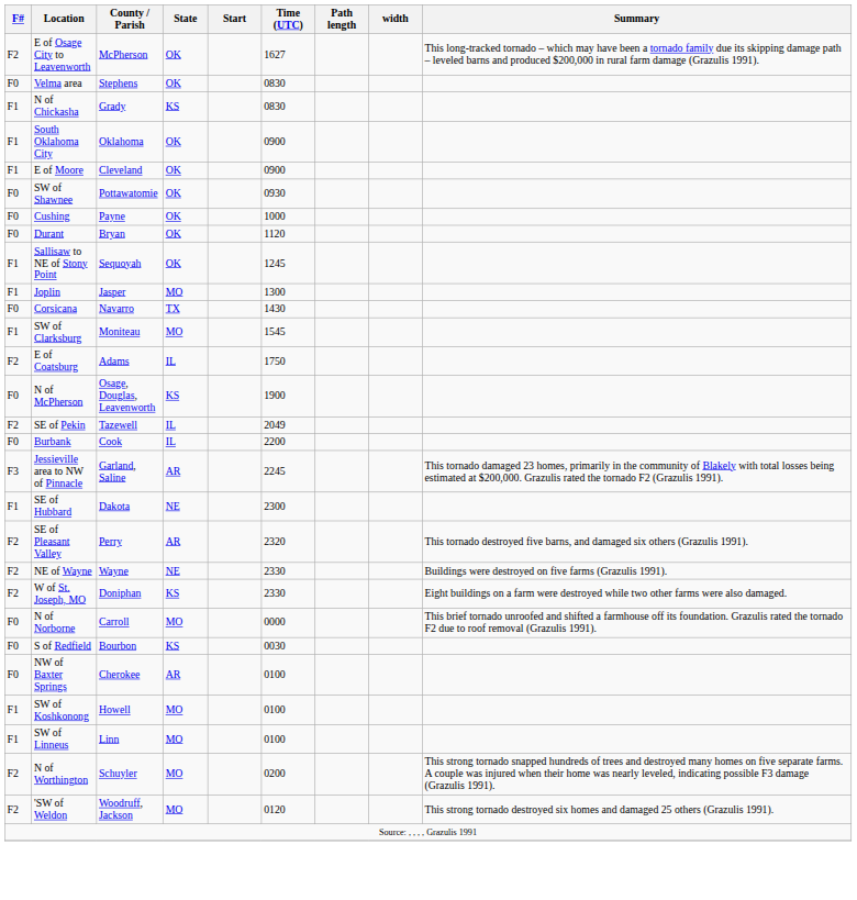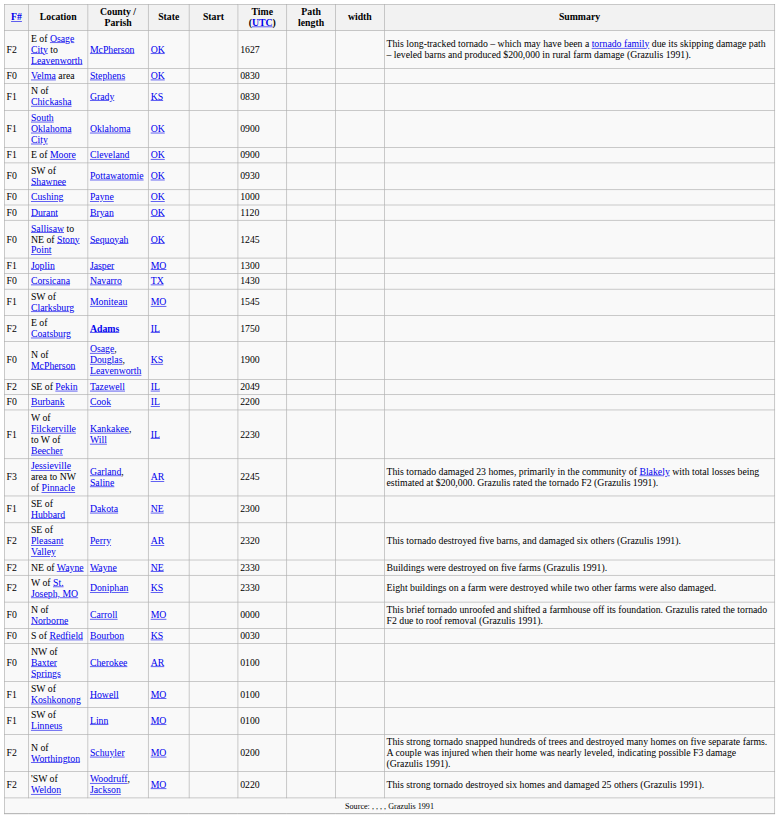 <table class="wikitable sortable" style="width:100%;">
 <tr>
 <th scope="col"  style="width:3%; text-align:center;"><a href='#'>F#</a></th>
 <th scope="col"  style="width:7%; text-align:center;" class="unsortable">Location</th>
 <th scope="col"  style="width:6%; text-align:center;" class="unsortable">County / Parish</th>
 <th scope="col"  style="width:5%; text-align:center;">State</th>
 <th scope="col"  style="width:6%; text-align:center;">Start<br></th>
 <th scope="col"  style="width:6%; text-align:center;">Time (<a href='#'>UTC</a>)</th>
 <th scope="col"  style="width:6%; text-align:center;">Path length</th>
 <th scope="col"  style="width:6%; text-align:center;"> width</th>
 <th scope="col" class="unsortable" style="width:48%; text-align:center;">Summary</th>
 </tr>
 <tr>
 <td>F2</td>
 <td>E of <a href='#'>Osage City</a> to <a href='#'>Leavenworth</a></td>
 <td><a href='#'>McPherson</a></td>
 <td><a href='#'>OK</a></td>
 <td></td>
 <td>1627</td>
 <td></td>
 <td></td>
 <td>This long-tracked tornado – which may have been a <a href='#'>tornado family</a> due its skipping damage path – leveled barns and produced $200,000 in rural farm damage (Grazulis 1991).</td>
 </tr>
 <tr>
 <td>F0</td>
 <td><a href='#'>Velma</a> area</td>
 <td><a href='#'>Stephens</a></td>
 <td><a href='#'>OK</a></td>
 <td></td>
 <td>0830</td>
 <td></td>
 <td></td>
 <td></td>
 </tr>
 <tr>
 <td>F1</td>
 <td>N of <a href='#'>Chickasha</a></td>
 <td><a href='#'>Grady</a></td>
 <td><a href='#'>KS</a></td>
 <td></td>
 <td>0830</td>
 <td></td>
 <td></td>
 <td></td>
 </tr>
 <tr>
 <td>F1</td>
 <td><a href='#'>South Oklahoma City</a></td>
 <td><a href='#'>Oklahoma</a></td>
 <td><a href='#'>OK</a></td>
 <td></td>
 <td>0900</td>
 <td></td>
 <td></td>
 <td></td>
 </tr>
 <tr>
 <td>F1</td>
 <td>E of <a href='#'>Moore</a></td>
 <td><a href='#'>Cleveland</a></td>
 <td><a href='#'>OK</a></td>
 <td></td>
 <td>0900</td>
 <td></td>
 <td></td>
 <td></td>
 </tr>
 <tr>
 <td>F0</td>
 <td>SW of <a href='#'>Shawnee</a></td>
 <td><a href='#'>Pottawatomie</a></td>
 <td><a href='#'>OK</a></td>
 <td></td>
 <td>0930</td>
 <td></td>
 <td></td>
 <td></td>
 </tr>
 <tr>
 <td>F0</td>
 <td><a href='#'>Cushing</a></td>
 <td><a href='#'>Payne</a></td>
 <td><a href='#'>OK</a></td>
 <td></td>
 <td>1000</td>
 <td></td>
 <td></td>
 <td></td>
 </tr>
 <tr>
 <td>F0</td>
 <td><a href='#'>Durant</a></td>
 <td><a href='#'>Bryan</a></td>
 <td><a href='#'>OK</a></td>
 <td></td>
 <td>1120</td>
 <td></td>
 <td></td>
 <td></td>
 </tr>
 <tr>
-<td>F1</td>
+<td>F0</td>
 <td><a href='#'>Sallisaw</a> to NE of <a href='#'>Stony Point</a></td>
 <td><a href='#'>Sequoyah</a></td>
 <td><a href='#'>OK</a></td>
 <td></td>
 <td>1245</td>
 <td></td>
 <td></td>
 <td></td>
 </tr>
 <tr>
 <td>F1</td>
 <td><a href='#'>Joplin</a></td>
 <td><a href='#'>Jasper</a></td>
 <td><a href='#'>MO</a></td>
 <td></td>
 <td>1300</td>
 <td></td>
 <td></td>
 <td></td>
 </tr>
 <tr>
 <td>F0</td>
 <td><a href='#'>Corsicana</a></td>
 <td><a href='#'>Navarro</a></td>
 <td><a href='#'>TX</a></td>
 <td></td>
 <td>1430</td>
 <td></td>
 <td></td>
 <td></td>
 </tr>
 <tr>
 <td>F1</td>
 <td>SW of <a href='#'>Clarksburg</a></td>
 <td><a href='#'>Moniteau</a></td>
 <td><a href='#'>MO</a></td>
 <td></td>
 <td>1545</td>
 <td></td>
 <td></td>
 <td></td>
 </tr>
 <tr>
 <td>F2</td>
 <td>E of <a href='#'>Coatsburg</a></td>
-<td><a href='#'>Adams</a></td>
+<td><strong><a href='#'>Adams</a></strong></td>
 <td><a href='#'>IL</a></td>
 <td></td>
 <td>1750</td>
 <td></td>
 <td></td>
 <td></td>
 </tr>
 <tr>
 <td>F0</td>
 <td>N of <a href='#'>McPherson</a></td>
 <td><a href='#'>Osage</a>, <a href='#'>Douglas</a>, <a href='#'>Leavenworth</a></td>
 <td><a href='#'>KS</a></td>
 <td></td>
 <td>1900</td>
 <td></td>
 <td></td>
 <td></td>
 </tr>
 <tr>
 <td>F2</td>
 <td>SE of <a href='#'>Pekin</a></td>
 <td><a href='#'>Tazewell</a></td>
 <td><a href='#'>IL</a></td>
 <td></td>
 <td>2049</td>
 <td></td>
 <td></td>
 <td></td>
 </tr>
 <tr>
 <td>F0</td>
 <td><a href='#'>Burbank</a></td>
 <td><a href='#'>Cook</a></td>
 <td><a href='#'>IL</a></td>
 <td></td>
 <td>2200</td>
+<td></td>
+<td></td>
+<td></td>
+</tr>
+<tr>
+<td>F1</td>
+<td>W of <a href='#'>Filckerville</a> to W of <a href='#'>Beecher</a></td>
+<td><a href='#'>Kankakee</a>, <a href='#'>Will</a></td>
+<td><a href='#'>IL</a></td>
+<td></td>
+<td>2230</td>
 <td></td>
 <td></td>
 <td></td>
 </tr>
 <tr>
 <td>F3</td>
 <td><a href='#'>Jessieville</a> area to NW of <a href='#'>Pinnacle</a></td>
 <td><a href='#'>Garland</a>, <a href='#'>Saline</a></td>
 <td><a href='#'>AR</a></td>
 <td></td>
 <td>2245</td>
 <td></td>
 <td></td>
 <td>This tornado damaged 23 homes, primarily in the community of <a href='#'>Blakely</a> with total losses being estimated at $200,000. Grazulis rated the tornado F2 (Grazulis 1991).</td>
 </tr>
 <tr>
 <td>F1</td>
 <td>SE of <a href='#'>Hubbard</a></td>
 <td><a href='#'>Dakota</a></td>
 <td><a href='#'>NE</a></td>
 <td></td>
 <td>2300</td>
 <td></td>
 <td></td>
 <td></td>
 </tr>
 <tr>
 <td>F2</td>
 <td>SE of <a href='#'>Pleasant Valley</a></td>
 <td><a href='#'>Perry</a></td>
 <td><a href='#'>AR</a></td>
 <td></td>
 <td>2320</td>
 <td></td>
 <td></td>
 <td>This tornado destroyed five barns, and damaged six others (Grazulis 1991).</td>
 </tr>
 <tr>
 <td>F2</td>
 <td>NE of <a href='#'>Wayne</a></td>
 <td><a href='#'>Wayne</a></td>
 <td><a href='#'>NE</a></td>
 <td></td>
 <td>2330</td>
 <td></td>
 <td></td>
 <td>Buildings were destroyed on five farms (Grazulis 1991).</td>
 </tr>
 <tr>
 <td>F2</td>
 <td>W of <a href='#'>St. Joseph, MO</a></td>
 <td><a href='#'>Doniphan</a></td>
 <td><a href='#'>KS</a></td>
 <td></td>
 <td>2330</td>
 <td></td>
 <td></td>
 <td>Eight buildings on a farm were destroyed while two other farms were also damaged.</td>
 </tr>
 <tr>
 <td>F0</td>
 <td>N of <a href='#'>Norborne</a></td>
 <td><a href='#'>Carroll</a></td>
 <td><a href='#'>MO</a></td>
 <td></td>
 <td>0000</td>
 <td></td>
 <td></td>
 <td>This brief tornado unroofed and shifted a farmhouse  off its foundation. Grazulis rated the tornado F2 due to roof removal (Grazulis 1991).</td>
 </tr>
 <tr>
 <td>F0</td>
 <td>S of <a href='#'>Redfield</a></td>
 <td><a href='#'>Bourbon</a></td>
 <td><a href='#'>KS</a></td>
 <td></td>
 <td>0030</td>
 <td></td>
 <td></td>
 <td></td>
 </tr>
 <tr>
 <td>F0</td>
 <td>NW of <a href='#'>Baxter Springs</a></td>
 <td><a href='#'>Cherokee</a></td>
 <td><a href='#'>AR</a></td>
 <td></td>
 <td>0100</td>
 <td></td>
 <td></td>
 <td></td>
 </tr>
 <tr>
 <td>F1</td>
 <td>SW of <a href='#'>Koshkonong</a></td>
 <td><a href='#'>Howell</a></td>
 <td><a href='#'>MO</a></td>
 <td></td>
 <td>0100</td>
 <td></td>
 <td></td>
 <td></td>
 </tr>
 <tr>
 <td>F1</td>
 <td>SW of <a href='#'>Linneus</a></td>
 <td><a href='#'>Linn</a></td>
 <td><a href='#'>MO</a></td>
 <td></td>
 <td>0100</td>
 <td></td>
 <td></td>
 <td></td>
 </tr>
 <tr>
 <td>F2</td>
 <td>N of <a href='#'>Worthington</a></td>
 <td><a href='#'>Schuyler</a></td>
 <td><a href='#'>MO</a></td>
 <td></td>
 <td>0200</td>
 <td></td>
 <td></td>
 <td>This strong tornado snapped hundreds of trees and destroyed many homes on five separate farms. A couple was injured when their home was nearly leveled, indicating possible F3 damage (Grazulis 1991).</td>
 </tr>
 <tr>
 <td>F2</td>
 <td>'SW of <a href='#'>Weldon</a></td>
 <td><a href='#'>Woodruff</a>, <a href='#'>Jackson</a></td>
 <td><a href='#'>MO</a></td>
 <td></td>
-<td>0120</td>
+<td>0220</td>
 <td></td>
 <td></td>
 <td>This strong tornado destroyed six homes and damaged 25 others (Grazulis 1991).</td>
 </tr>
 <tr>
 <td colspan="9" align=center><small>Source: , , , , Grazulis 1991</small></td>
 </tr>
 <tr>
 </tr>
 </table>
